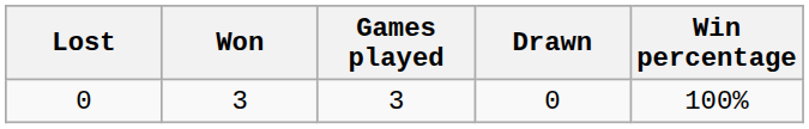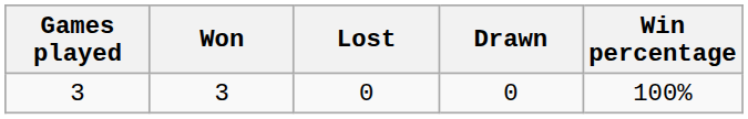 <table class="wikitable" style="text-align:center">
 <tr>
+<th width="70">Games played</th>
+<th width="70">Won</th>
 <th width="70">Lost</th>
-<th width="70">Won</th>
-<th width="70">Games played</th>
 <th width="70">Drawn</th>
 <th width="70">Win percentage</th>
 </tr>
 <tr>
-<td>0</td>
 <td>3</td>
 <td>3</td>
+<td>0</td>
 <td>0</td>
 <td>100%</td>
 </tr>
 </table>
